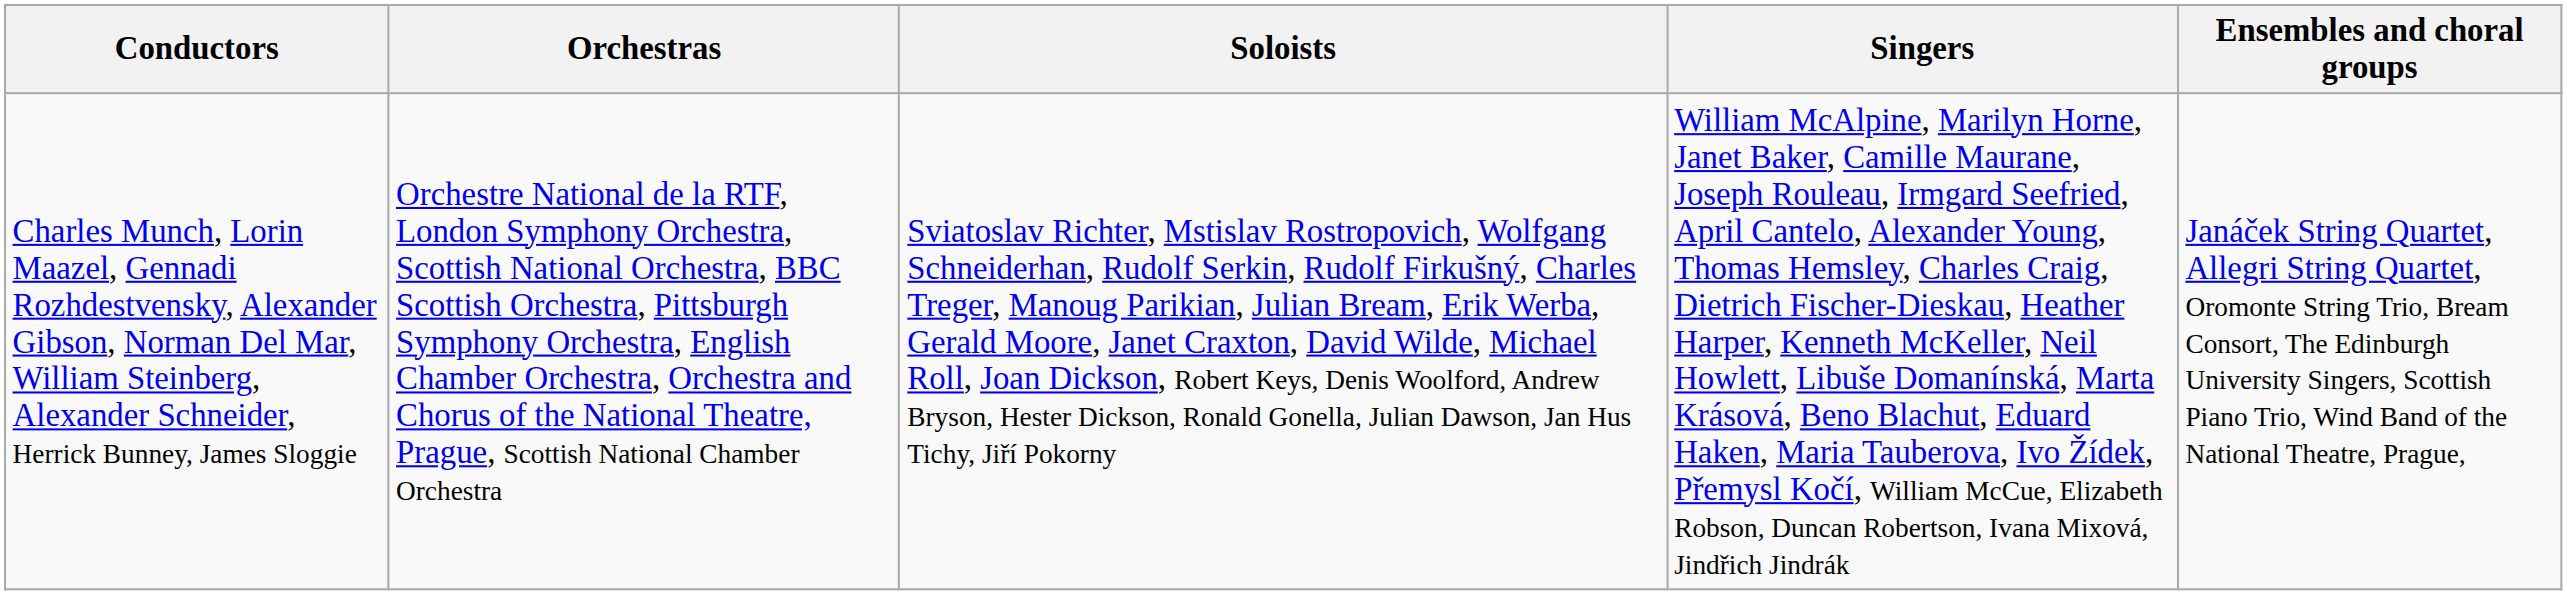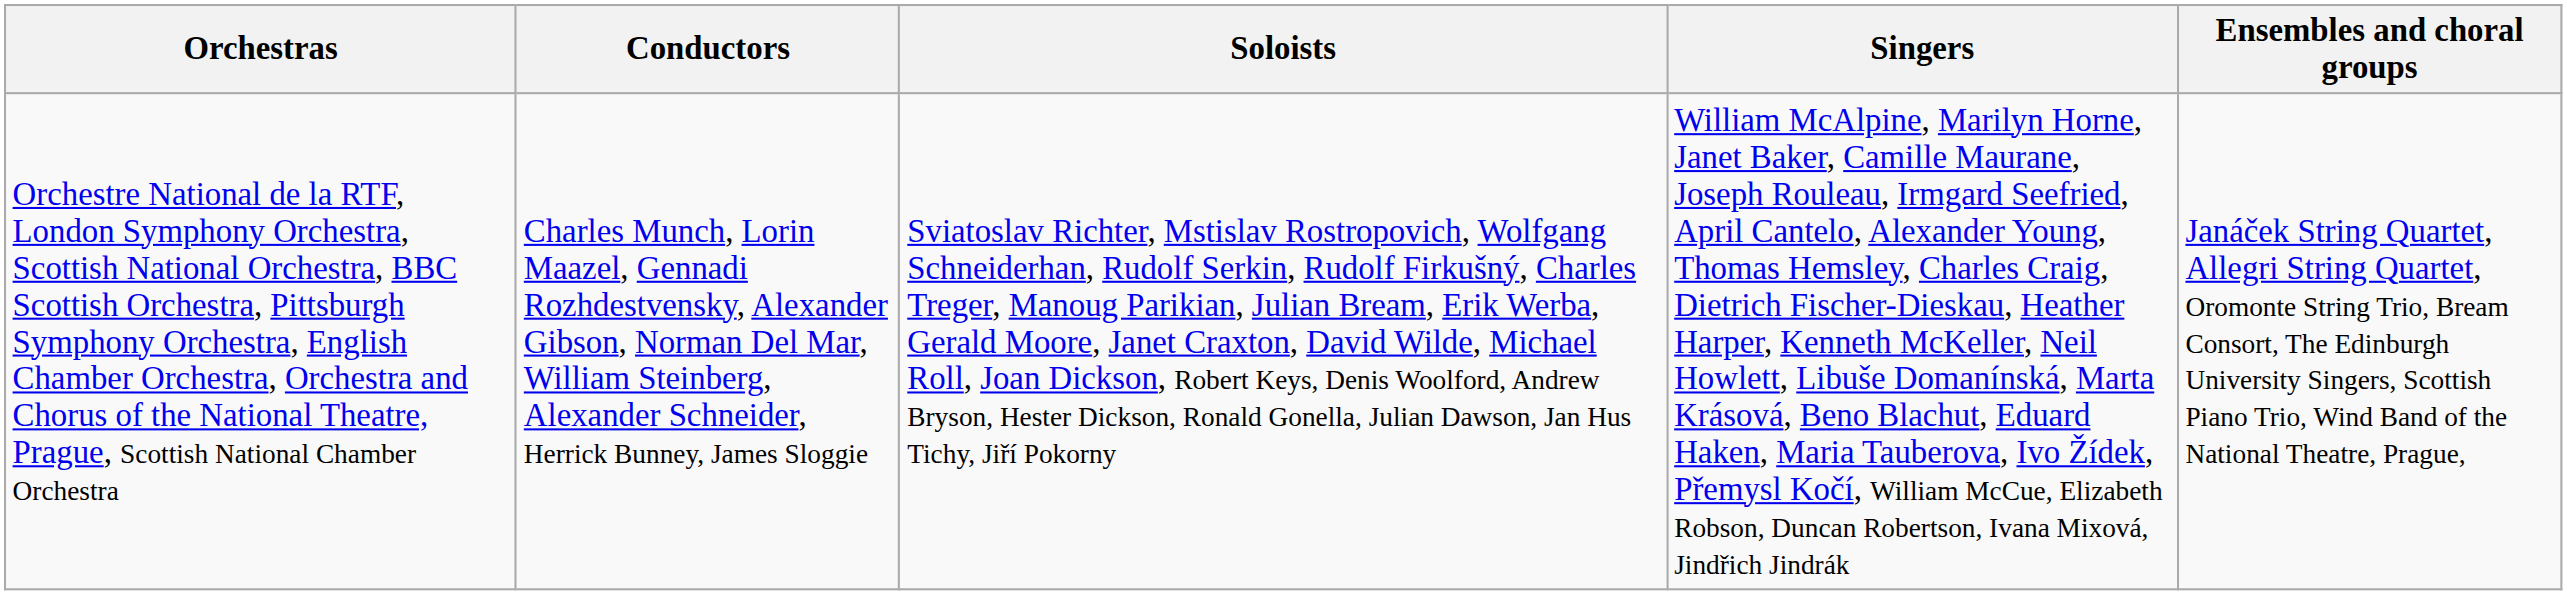 <table class="wikitable toptextcells">
 <tr class="hintergrundfarbe5">
+<th style="width:20%;">Orchestras</th>
 <th style="width:15%;">Conductors</th>
-<th style="width:20%;">Orchestras</th>
 <th style="width:30%;">Soloists</th>
 <th style="width:20%;">Singers</th>
 <th style="width:15%;">Ensembles and choral groups</th>
 </tr>
 <tr>
+<td><a href='#'>Orchestre National de la RTF</a>, <a href='#'>London Symphony Orchestra</a>,  <a href='#'>Scottish National Orchestra</a>, <a href='#'>BBC Scottish Orchestra</a>, <a href='#'>Pittsburgh Symphony Orchestra</a>, <a href='#'>English Chamber Orchestra</a>, <a href='#'>Orchestra and Chorus of the National Theatre, Prague</a>, <small>Scottish National Chamber Orchestra</small></td>
 <td><a href='#'>Charles Munch</a>, <a href='#'>Lorin Maazel</a>,  <a href='#'>Gennadi Rozhdestvensky</a>, <a href='#'>Alexander Gibson</a>, <a href='#'>Norman Del Mar</a>, <a href='#'>William Steinberg</a>, <a href='#'>Alexander Schneider</a>, <small>Herrick Bunney, James Sloggie</small></td>
-<td><a href='#'>Orchestre National de la RTF</a>, <a href='#'>London Symphony Orchestra</a>,  <a href='#'>Scottish National Orchestra</a>, <a href='#'>BBC Scottish Orchestra</a>, <a href='#'>Pittsburgh Symphony Orchestra</a>, <a href='#'>English Chamber Orchestra</a>, <a href='#'>Orchestra and Chorus of the National Theatre, Prague</a>, <small>Scottish National Chamber Orchestra</small></td>
 <td><a href='#'>Sviatoslav Richter</a>, <a href='#'>Mstislav Rostropovich</a>, <a href='#'>Wolfgang Schneiderhan</a>, <a href='#'>Rudolf Serkin</a>, <a href='#'>Rudolf Firkušný</a>, <a href='#'>Charles Treger</a>, <a href='#'>Manoug Parikian</a>, <a href='#'>Julian Bream</a>, <a href='#'>Erik Werba</a>, <a href='#'>Gerald Moore</a>, <a href='#'>Janet Craxton</a>, <a href='#'>David Wilde</a>, <a href='#'>Michael Roll</a>, <a href='#'>Joan Dickson</a>, <small>Robert Keys, Denis Woolford, Andrew Bryson, Hester Dickson, Ronald Gonella, Julian Dawson, Jan Hus Tichy, Jiří  Pokorny</small></td>
 <td><a href='#'>William McAlpine</a>, <a href='#'>Marilyn Horne</a>, <a href='#'>Janet Baker</a>, <a href='#'>Camille Maurane</a>, <a href='#'>Joseph Rouleau</a>, <a href='#'>Irmgard Seefried</a>, <a href='#'>April Cantelo</a>, <a href='#'>Alexander Young</a>, <a href='#'>Thomas Hemsley</a>, <a href='#'>Charles Craig</a>, <a href='#'>Dietrich Fischer-Dieskau</a>, <a href='#'>Heather Harper</a>,  <a href='#'>Kenneth McKeller</a>, <a href='#'>Neil Howlett</a>, <a href='#'>Libuše Domanínská</a>, <a href='#'>Marta Krásová</a>, <a href='#'>Beno Blachut</a>, <a href='#'>Eduard Haken</a>, <a href='#'>Maria Tauberova</a>, <a href='#'>Ivo Žídek</a>, <a href='#'>Přemysl Kočí</a>, <small>William McCue, Elizabeth Robson, Duncan Robertson, Ivana Mixová, Jindřich Jindrák</small></td>
 <td><a href='#'>Janáček String Quartet</a>, <a href='#'>Allegri String Quartet</a>, <small>Oromonte String Trio, Bream Consort, The Edinburgh University Singers, Scottish Piano Trio, Wind Band of the National Theatre, Prague, </small></td>
 </tr>
 </table>
